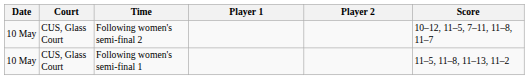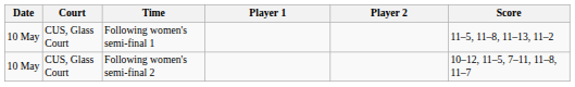 <table class="sortable wikitable" style="font-size:90%">
 <tr>
 <th width="45" class="unsortable">Date</th>
 <th width="75">Court</th>
 <th width="135">Time</th>
 <th width="165">Player 1</th>
 <th width="155">Player 2</th>
 <th width="160" class="unsortable">Score</th>
 </tr>
 <tr>
 <td>10 May</td>
 <td>CUS, Glass Court</td>
+<td>Following women's semi-final 1</td>
+<td></td>
+<td><strong></strong></td>
+<td>11–5, 11–8, 11–13, 11–2</td>
+</tr>
+<tr>
+<td>10 May</td>
+<td>CUS, Glass Court</td>
 <td>Following women's semi-final 2</td>
 <td></td>
 <td><strong></strong></td>
 <td>10–12, 11–5, 7–11, 11–8, 11–7</td>
 </tr>
-<tr>
-<td>10 May</td>
-<td>CUS, Glass Court</td>
-<td>Following women's semi-final 1</td>
-<td></td>
-<td><strong></strong></td>
-<td>11–5, 11–8, 11–13, 11–2</td>
-</tr>
 </table>
